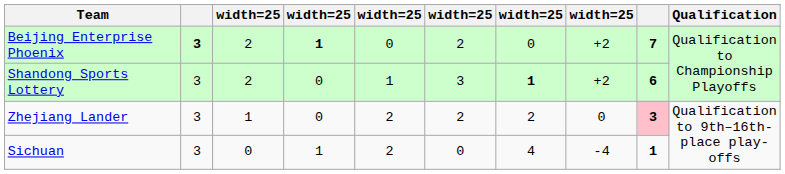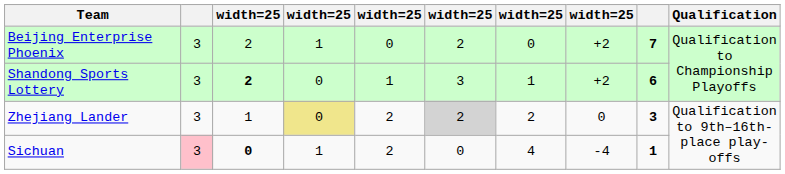 <table class="wikitable" style="text-align: center;">
 <tr>
 <th style="width:165px;">Team</th>
 <th width=25></th>
 <th>width=25</th>
 <th>width=25</th>
 <th>width=25</th>
 <th>width=25</th>
 <th>width=25</th>
 <th>width=25</th>
 <th width=25></th>
 <th width=50>Qualification</th>
 </tr>
 <tr style="background:#cfc;">
 <td align="left"><a href='#'>Beijing Enterprise Phoenix</a></td>
-<td><strong>3</strong></td>
+<td>3</td>
 <td>2</td>
-<td><strong>1</strong></td>
+<td>1</td>
 <td>0</td>
 <td>2</td>
 <td>0</td>
 <td>+2</td>
 <td><strong>7</strong></td>
 <td rowspan=2 align="center">Qualification to Championship Playoffs</td>
 </tr>
 <tr style="background:#cfc;">
 <td align="left"><a href='#'>Shandong Sports Lottery</a></td>
 <td>3</td>
-<td>2</td>
+<td><strong>2</strong></td>
 <td>0</td>
 <td>1</td>
 <td>3</td>
-<td><strong>1</strong></td>
+<td>1</td>
 <td>+2</td>
 <td><strong>6</strong></td>
 </tr>
 <tr>
 <td align="left"><a href='#'>Zhejiang Lander</a></td>
 <td>3</td>
 <td>1</td>
-<td>0</td>
+<td style="background: khaki;">0</td>
 <td>2</td>
-<td>2</td>
+<td style="background: lightgrey;">2</td>
 <td>2</td>
 <td>0</td>
-<td style="background: pink;"><strong>3</strong></td>
+<td><strong>3</strong></td>
 <td rowspan=2 align="center">Qualification to 9th–16th-place play-offs</td>
 </tr>
 <tr>
 <td align="left"><a href='#'>Sichuan</a></td>
-<td>3</td>
-<td>0</td>
+<td style="background: pink;">3</td>
+<td><strong>0</strong></td>
 <td>1</td>
 <td>2</td>
 <td>0</td>
 <td>4</td>
 <td>-4</td>
 <td><strong>1</strong></td>
 </tr>
 </table>
